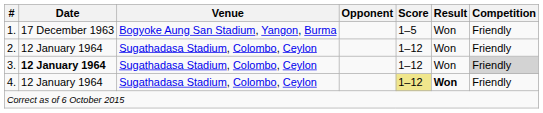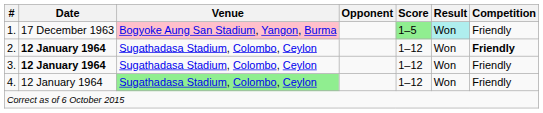 <table class="wikitable" style="font-size:95%;">
 <tr>
 <th>#</th>
 <th>Date</th>
 <th>Venue</th>
 <th>Opponent</th>
 <th>Score</th>
 <th>Result</th>
 <th>Competition</th>
 </tr>
 <tr>
 <td>1.</td>
 <td>17 December 1963</td>
-<td><a href='#'>Bogyoke Aung San Stadium</a>, <a href='#'>Yangon</a>, <a href='#'>Burma</a></td>
+<td style="background: pink;"><a href='#'>Bogyoke Aung San Stadium</a>, <a href='#'>Yangon</a>, <a href='#'>Burma</a></td>
 <td></td>
-<td>1–5</td>
-<td>Won</td>
+<td style="background: lightgreen;">1–5</td>
+<td style="background: paleturquoise;">Won</td>
 <td>Friendly</td>
 </tr>
 <tr>
 <td>2.</td>
-<td>12 January 1964</td>
+<td><strong>12 January 1964</strong></td>
 <td><a href='#'>Sugathadasa Stadium</a>, <a href='#'>Colombo</a>, <a href='#'>Ceylon</a></td>
 <td></td>
 <td>1–12</td>
 <td>Won</td>
-<td>Friendly</td>
+<td><strong>Friendly</strong></td>
 </tr>
 <tr>
 <td>3.</td>
 <td><strong>12 January 1964</strong></td>
 <td><a href='#'>Sugathadasa Stadium</a>, <a href='#'>Colombo</a>, <a href='#'>Ceylon</a></td>
 <td></td>
 <td>1–12</td>
 <td>Won</td>
-<td style="background: lightgrey;">Friendly</td>
+<td>Friendly</td>
 </tr>
 <tr>
 <td>4.</td>
 <td>12 January 1964</td>
-<td><a href='#'>Sugathadasa Stadium</a>, <a href='#'>Colombo</a>, <a href='#'>Ceylon</a></td>
+<td style="background: lightgreen;"><a href='#'>Sugathadasa Stadium</a>, <a href='#'>Colombo</a>, <a href='#'>Ceylon</a></td>
 <td></td>
-<td style="background: khaki;">1–12</td>
-<td><strong>Won</strong></td>
+<td>1–12</td>
+<td>Won</td>
 <td>Friendly</td>
 </tr>
 <tr>
 <td colspan="12"><small><em>Correct as of 6 October 2015</em></small></td>
 </tr>
 </table>
